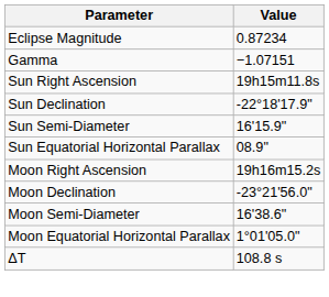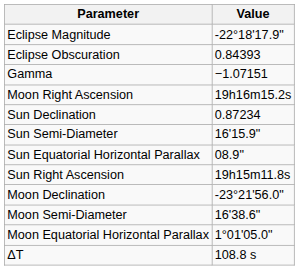 <table class="wikitable">
 <tr>
 <th>Parameter</th>
 <th>Value</th>
 </tr>
 <tr>
 <td>Eclipse Magnitude</td>
-<td>0.87234</td>
+<td>-22°18'17.9"</td>
+</tr>
+<tr>
+<td>Eclipse Obscuration</td>
+<td>0.84393</td>
 </tr>
 <tr>
 <td>Gamma</td>
 <td>−1.07151</td>
 </tr>
 <tr>
-<td>Sun Right Ascension</td>
-<td>19h15m11.8s</td>
+<td>Moon Right Ascension</td>
+<td>19h16m15.2s</td>
 </tr>
 <tr>
 <td>Sun Declination</td>
-<td>-22°18'17.9"</td>
+<td>0.87234</td>
 </tr>
 <tr>
 <td>Sun Semi-Diameter</td>
 <td>16'15.9"</td>
 </tr>
 <tr>
 <td>Sun Equatorial Horizontal Parallax</td>
 <td>08.9"</td>
 </tr>
 <tr>
-<td>Moon Right Ascension</td>
-<td>19h16m15.2s</td>
+<td>Sun Right Ascension</td>
+<td>19h15m11.8s</td>
 </tr>
 <tr>
 <td>Moon Declination</td>
 <td>-23°21'56.0"</td>
 </tr>
 <tr>
 <td>Moon Semi-Diameter</td>
 <td>16'38.6"</td>
 </tr>
 <tr>
 <td>Moon Equatorial Horizontal Parallax</td>
 <td>1°01'05.0"</td>
 </tr>
 <tr>
 <td>ΔT</td>
 <td>108.8 s</td>
 </tr>
 </table>
